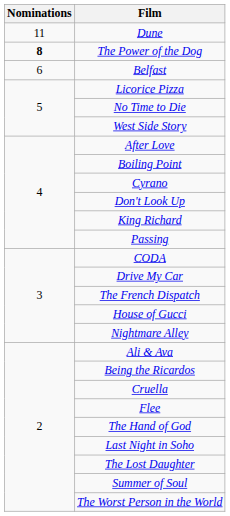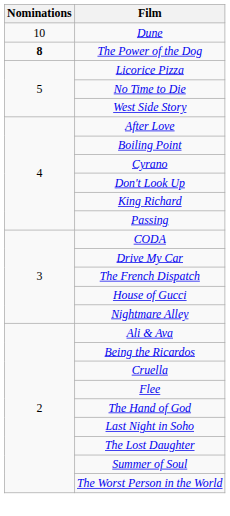 <table class="wikitable" style="text-align:center;">
 <tr>
 <th style="background:">Nominations</th>
 <th style="background:">Film</th>
 </tr>
 <tr>
-<td>11</td>
+<td>10</td>
 <td><em><a href='#'>Dune</a></em></td>
 </tr>
 <tr>
 <td><strong>8</strong></td>
 <td><em><a href='#'>The Power of the Dog</a></em></td>
-</tr>
-<tr>
-<td>6</td>
-<td><em><a href='#'>Belfast</a></em></td>
 </tr>
 <tr>
 <td rowspan="3">5</td>
 <td><em><a href='#'>Licorice Pizza</a></em></td>
 </tr>
 <tr>
 <td><em><a href='#'>No Time to Die</a></em></td>
 </tr>
 <tr>
 <td><em><a href='#'>West Side Story</a></em></td>
 </tr>
 <tr>
 <td rowspan="6">4</td>
 <td><em><a href='#'>After Love</a></em></td>
 </tr>
 <tr>
 <td><em><a href='#'>Boiling Point</a></em></td>
 </tr>
 <tr>
 <td><em><a href='#'>Cyrano</a></em></td>
 </tr>
 <tr>
 <td><em><a href='#'>Don't Look Up</a></em></td>
 </tr>
 <tr>
 <td><em><a href='#'>King Richard</a></em></td>
 </tr>
 <tr>
 <td><em><a href='#'>Passing</a></em></td>
 </tr>
 <tr>
 <td rowspan="5">3</td>
 <td><em><a href='#'>CODA</a></em></td>
 </tr>
 <tr>
 <td><em><a href='#'>Drive My Car</a></em></td>
 </tr>
 <tr>
 <td><em><a href='#'>The French Dispatch</a></em></td>
 </tr>
 <tr>
 <td><em><a href='#'>House of Gucci</a></em></td>
 </tr>
 <tr>
 <td><em><a href='#'>Nightmare Alley</a></em></td>
 </tr>
 <tr>
 <td rowspan="9">2</td>
 <td><em><a href='#'>Ali & Ava</a></em></td>
 </tr>
 <tr>
 <td><em><a href='#'>Being the Ricardos</a></em></td>
 </tr>
 <tr>
 <td><em><a href='#'>Cruella</a></em></td>
 </tr>
 <tr>
 <td><em><a href='#'>Flee</a></em></td>
 </tr>
 <tr>
 <td><em><a href='#'>The Hand of God</a></em></td>
 </tr>
 <tr>
 <td><em><a href='#'>Last Night in Soho</a></em></td>
 </tr>
 <tr>
 <td><em><a href='#'>The Lost Daughter</a></em></td>
 </tr>
 <tr>
 <td><em><a href='#'>Summer of Soul</a></em></td>
 </tr>
 <tr>
 <td><em><a href='#'>The Worst Person in the World</a></em></td>
 </tr>
 </table>
